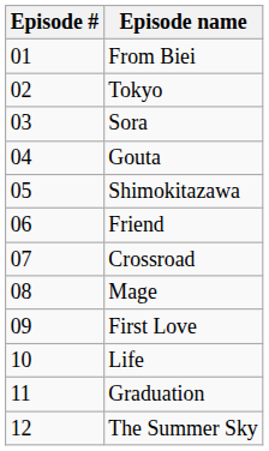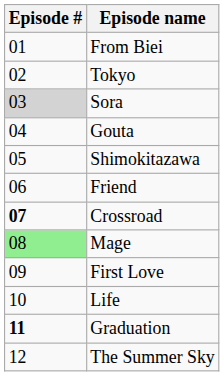 <table class="wikitable">
 <tr>
 <th>Episode #</th>
 <th>Episode name</th>
 </tr>
 <tr>
 <td>01</td>
 <td>From Biei</td>
 </tr>
 <tr>
 <td>02</td>
 <td>Tokyo</td>
 </tr>
 <tr>
-<td>03</td>
+<td style="background: lightgrey;">03</td>
 <td>Sora</td>
 </tr>
 <tr>
 <td>04</td>
 <td>Gouta</td>
 </tr>
 <tr>
 <td>05</td>
 <td>Shimokitazawa</td>
 </tr>
 <tr>
 <td>06</td>
 <td>Friend</td>
 </tr>
 <tr>
-<td>07</td>
+<td><strong>07</strong></td>
 <td>Crossroad</td>
 </tr>
 <tr>
-<td>08</td>
+<td style="background: lightgreen;">08</td>
 <td>Mage</td>
 </tr>
 <tr>
 <td>09</td>
 <td>First Love</td>
 </tr>
 <tr>
 <td>10</td>
 <td>Life</td>
 </tr>
 <tr>
-<td>11</td>
+<td><strong>11</strong></td>
 <td>Graduation</td>
 </tr>
 <tr>
 <td>12</td>
 <td>The Summer Sky</td>
 </tr>
 </table>
